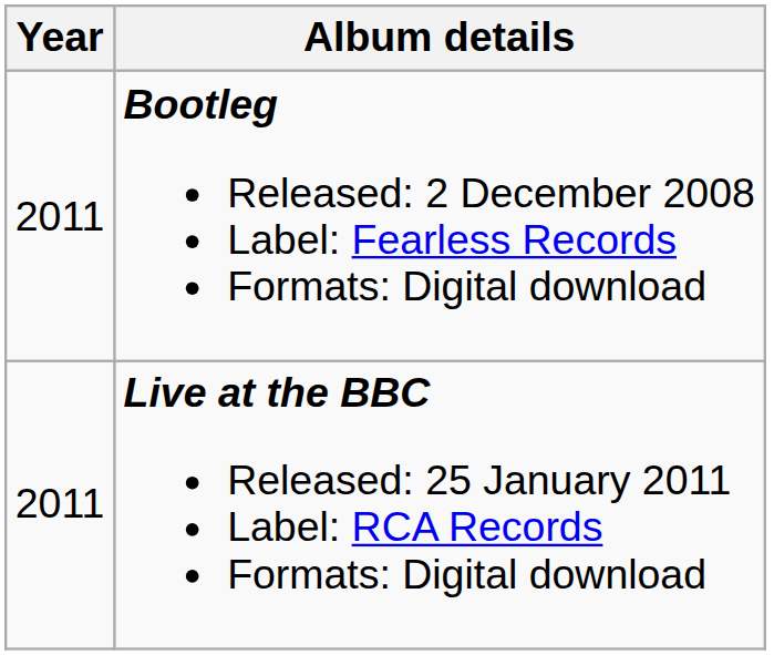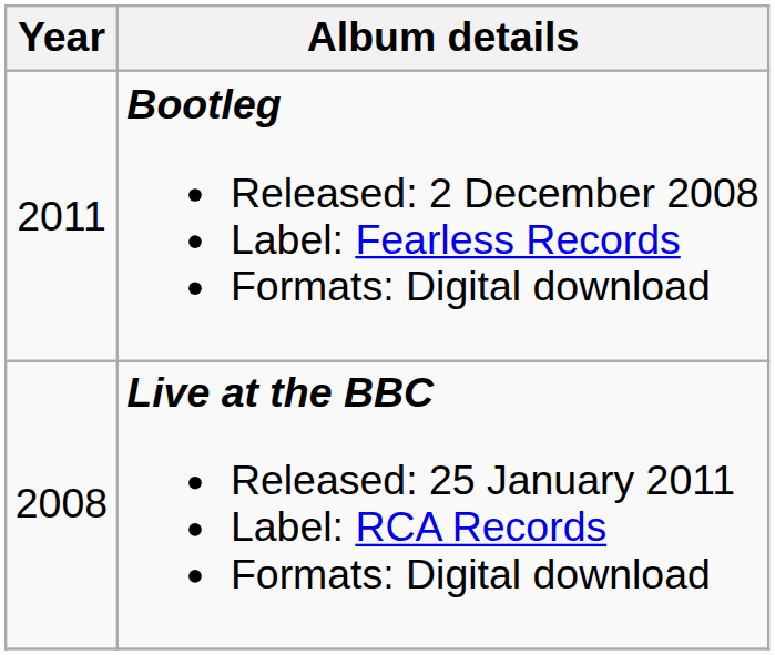 <table class="wikitable" style="text-align:center;">
 <tr>
 <th>Year</th>
 <th>Album details</th>
 </tr>
 <tr>
 <td>2011</td>
 <td style="text-align:left;"><strong><em>Bootleg</em></strong><br><ul><li>Released: 2 December 2008</li><li>Label: <a href='#'>Fearless Records</a></li><li>Formats: Digital download</li></ul></td>
 </tr>
 <tr>
-<td>2011</td>
+<td>2008</td>
 <td style="text-align:left;"><strong><em>Live at the BBC</em></strong><br><ul><li>Released: 25 January 2011</li><li>Label: <a href='#'>RCA Records</a></li><li>Formats: Digital download</li></ul></td>
 </tr>
 </table>
